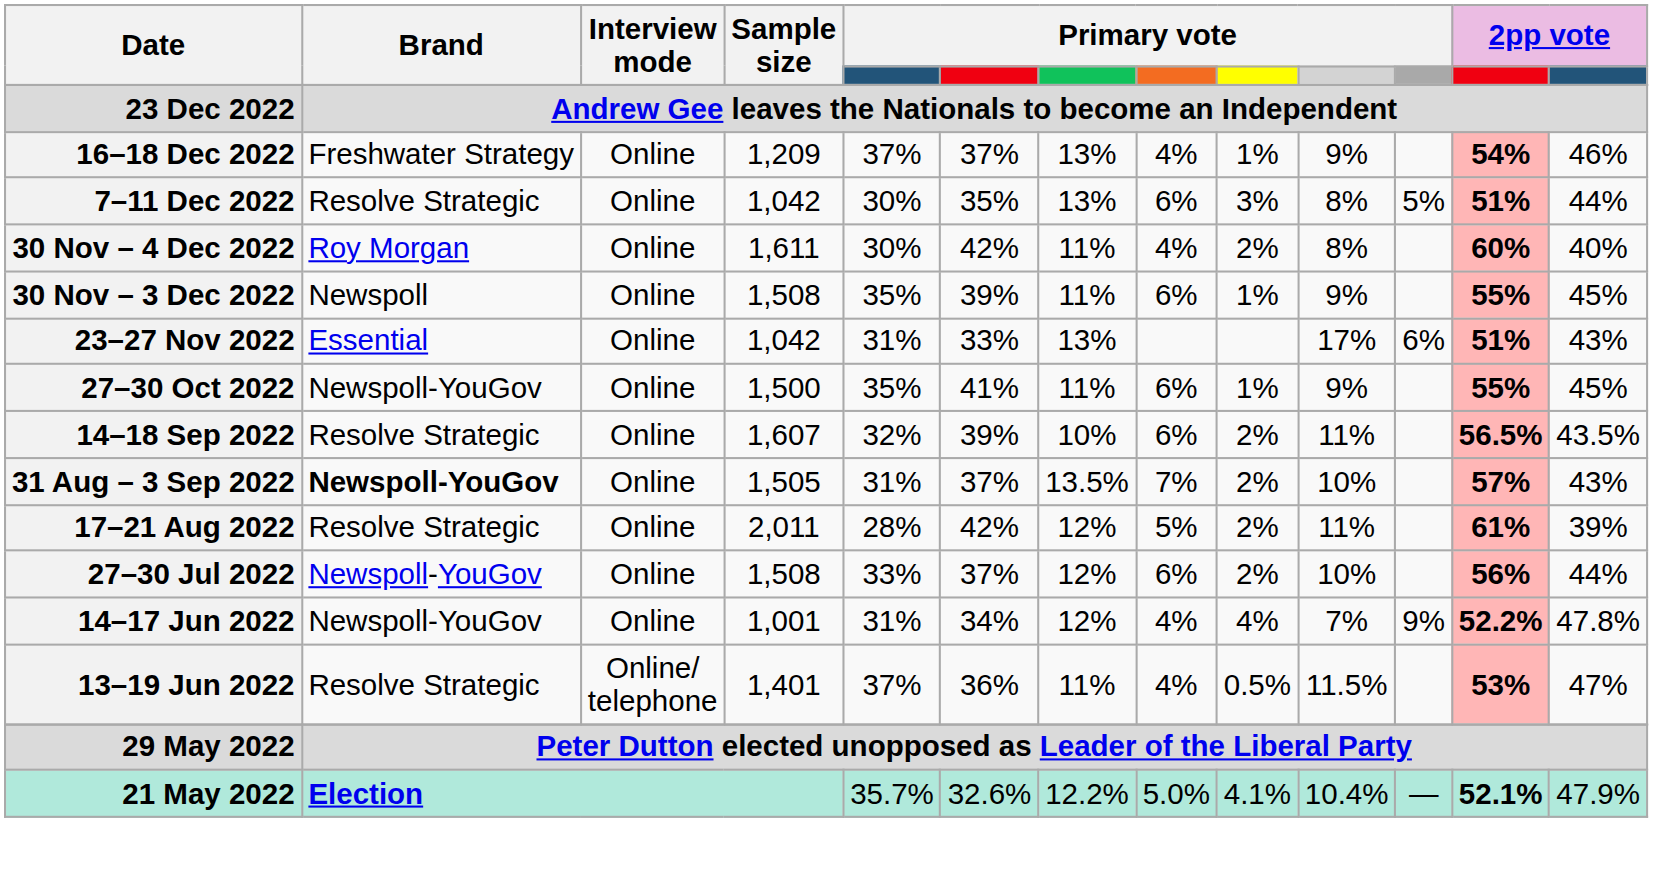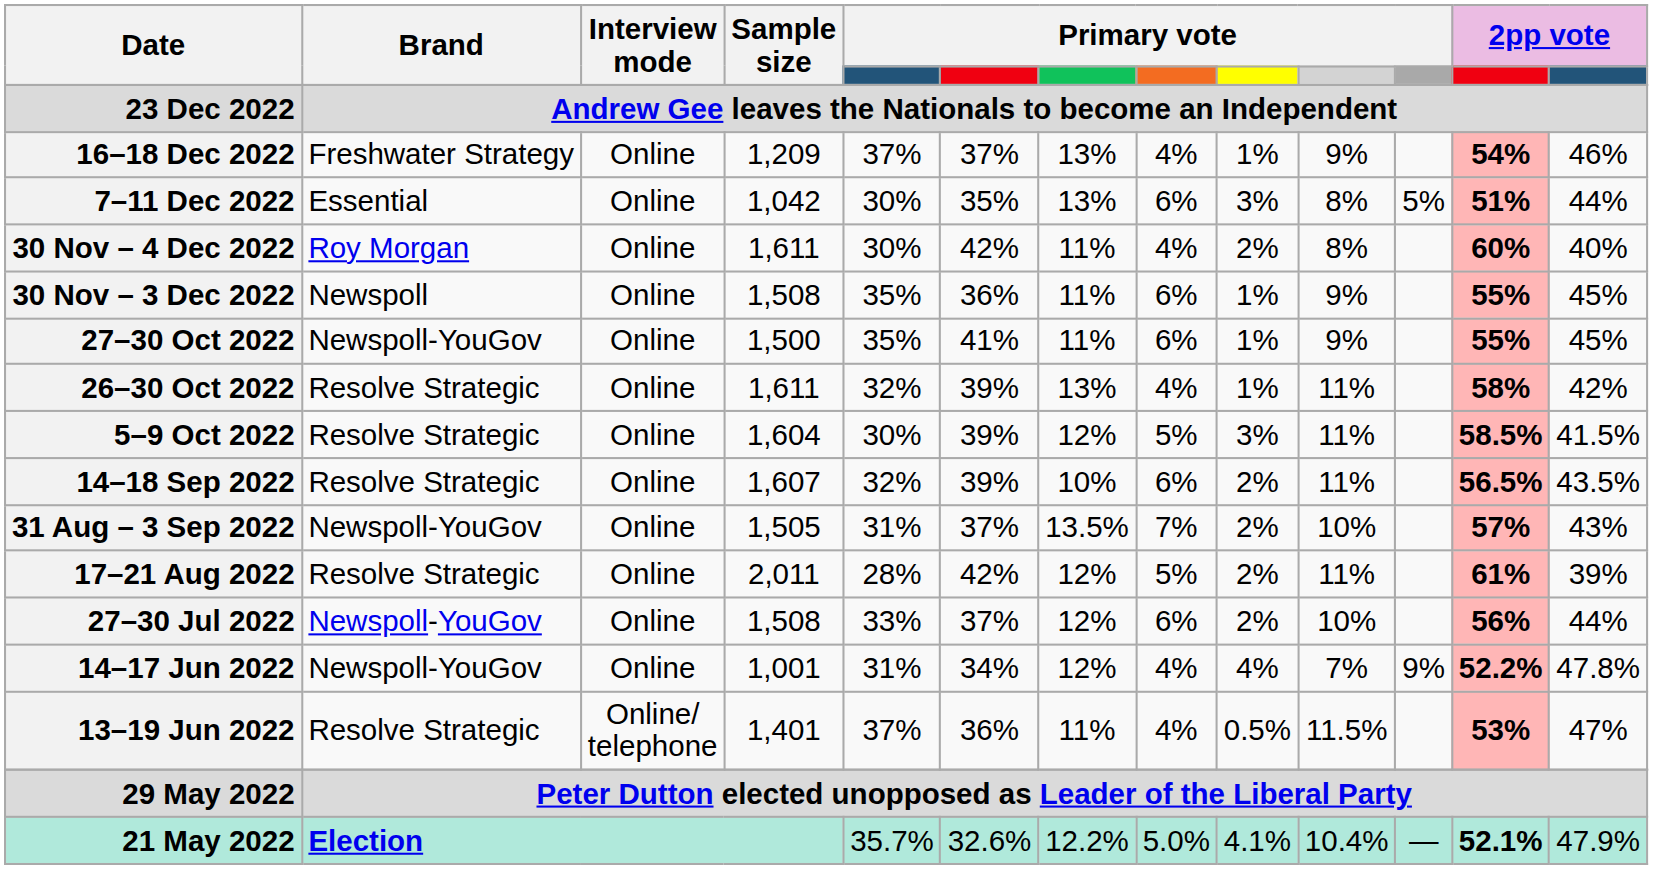 <table class="wikitable sortable mw-collapsible nowrap tpl-blanktable" style="text-align:center;font-size:90%">
 <tr>
 <th rowspan=2>Date</th>
 <th rowspan=2>Brand</th>
 <th rowspan=2 class=unsortable>Interview<br>mode</th>
 <th rowspan=2 class=unsortable>Sample<br>size</th>
 <th colspan="7">Primary vote</th>
 <th colspan=2 class=unsortable style=background:#ebbce3><a href='#'>2pp vote</a></th>
 </tr>
 <tr>
 <th class="unsortable" style=background:#225479></th>
 <th class="unsortable" style="background:#F00011"></th>
 <th class=unsortable style=background:#10C25B></th>
 <th class=unsortable style=background:#f36c21></th>
 <th class=unsortable style=background:yellow></th>
 <th class=unsortable style=background:lightgray></th>
 <th class=unsortable style=background:darkgrey></th>
 <th class="unsortable" style="background:#F00011"></th>
 <th class="unsortable" style=background:#225479></th>
 </tr>
 <tr>
 </tr>
 <tr style=background:#DADADA;font-weight:bold>
 <td style=text-align:right data-sort-value=1-April-2023>23 Dec 2022</td>
 <td colspan=12><a href='#'>Andrew Gee</a> leaves the Nationals to become an Independent</td>
 </tr>
 <tr>
 <th style=text-align:right>16–18 Dec 2022</th>
 <td style="text-align:left">Freshwater Strategy</td>
 <td>Online</td>
 <td>1,209</td>
 <td>37%</td>
 <td>37%</td>
 <td>13%</td>
 <td>4%</td>
 <td>1%</td>
 <td>9%</td>
 <td></td>
 <th style=background:#FFB6B6>54%</th>
 <td>46%</td>
 </tr>
 <tr>
 <th style=text-align:right>7–11 Dec 2022</th>
-<td style="text-align:left">Resolve Strategic</td>
+<td style="text-align:left">Essential</td>
 <td>Online</td>
 <td>1,042</td>
 <td>30%</td>
 <td>35%</td>
 <td>13%</td>
 <td>6%</td>
 <td>3%</td>
 <td>8%</td>
 <td>5%</td>
 <th style=background:#FFB6B6>51%</th>
 <td>44%</td>
 </tr>
 <tr>
 <th style=text-align:right>30 Nov – 4 Dec 2022</th>
 <td style="text-align:left;"><a href='#'>Roy Morgan</a></td>
 <td>Online</td>
 <td>1,611</td>
 <td>30%</td>
 <td>42%</td>
 <td>11%</td>
 <td>4%</td>
 <td>2%</td>
 <td>8%</td>
 <td></td>
 <th style=background:#FFB6B6>60%</th>
 <td>40%</td>
 </tr>
 <tr>
 <th style=text-align:right>30 Nov – 3 Dec 2022</th>
 <td style="text-align:left">Newspoll</td>
 <td>Online</td>
 <td>1,508</td>
 <td>35%</td>
-<td>39%</td>
+<td>36%</td>
 <td>11%</td>
 <td>6%</td>
 <td>1%</td>
 <td>9%</td>
 <td></td>
 <th style=background:#FFB6B6>55%</th>
 <td>45%</td>
-</tr>
-<tr>
-<th style=text-align:right>23–27 Nov 2022</th>
-<td style="text-align:left"><a href='#'>Essential</a></td>
-<td>Online</td>
-<td>1,042</td>
-<td>31%</td>
-<td>33%</td>
-<td>13%</td>
-<td></td>
-<td></td>
-<td>17%</td>
-<td>6%</td>
-<th style=background:#FFB6B6>51%</th>
-<td>43%</td>
 </tr>
 <tr>
 <th style=text-align:right>27–30 Oct 2022</th>
 <td style="text-align:left;">Newspoll-YouGov</td>
 <td>Online</td>
 <td>1,500</td>
 <td>35%</td>
 <td>41%</td>
 <td>11%</td>
 <td>6%</td>
 <td>1%</td>
 <td>9%</td>
 <td></td>
 <th style=background:#FFB6B6>55%</th>
 <td>45%</td>
+</tr>
+<tr>
+<th style=text-align:right>26–30 Oct 2022</th>
+<td style="text-align:left">Resolve Strategic</td>
+<td>Online</td>
+<td>1,611</td>
+<td>32%</td>
+<td>39%</td>
+<td>13%</td>
+<td>4%</td>
+<td>1%</td>
+<td>11%</td>
+<td></td>
+<th style=background:#FFB6B6>58%</th>
+<td>42%</td>
+</tr>
+<tr>
+<th style=text-align:right>5–9 Oct 2022</th>
+<td style="text-align:left;">Resolve Strategic</td>
+<td>Online</td>
+<td>1,604</td>
+<td>30%</td>
+<td>39%</td>
+<td>12%</td>
+<td>5%</td>
+<td>3%</td>
+<td>11%</td>
+<td></td>
+<th style=background:#FFB6B6>58.5%</th>
+<td>41.5%</td>
 </tr>
 <tr>
 <th style=text-align:right data-sort-value=03-September-2022>14–18 Sep 2022</th>
 <td style="text-align:left;">Resolve Strategic</td>
 <td>Online</td>
 <td>1,607</td>
 <td>32%</td>
 <td>39%</td>
 <td>10%</td>
 <td>6%</td>
 <td>2%</td>
 <td>11%</td>
 <td></td>
 <th style=background:#FFB6B6>56.5%</th>
 <td>43.5%</td>
 </tr>
 <tr>
 <th style=text-align:right data-sort-value=03-September-2022>31 Aug – 3 Sep 2022</th>
-<td style="text-align:left;"><strong>Newspoll-YouGov</strong></td>
+<td style="text-align:left;">Newspoll-YouGov</td>
 <td>Online</td>
 <td>1,505</td>
 <td>31%</td>
 <td>37%</td>
 <td>13.5%</td>
 <td>7%</td>
 <td>2%</td>
 <td>10%</td>
 <td></td>
 <th style=background:#FFB6B6>57%</th>
 <td>43%</td>
 </tr>
 <tr>
 <th style=text-align:right data-sort-value=22-August-2022>17–21 Aug 2022</th>
 <td style="text-align:left;">Resolve Strategic</td>
 <td>Online</td>
 <td>2,011</td>
 <td>28%</td>
 <td>42%</td>
 <td>12%</td>
 <td>5%</td>
 <td>2%</td>
 <td>11%</td>
 <td></td>
 <th style=background:#FFB6B6>61%</th>
 <td>39%</td>
 </tr>
 <tr>
 <th style=text-align:right data-sort-value=30-July-2022>27–30 Jul 2022</th>
 <td style="text-align:left;"><a href='#'>Newspoll</a>-<a href='#'>YouGov</a></td>
 <td>Online</td>
 <td>1,508</td>
 <td>33%</td>
 <td>37%</td>
 <td>12%</td>
 <td>6%</td>
 <td>2%</td>
 <td>10%</td>
 <td></td>
 <th style=background:#FFB6B6>56%</th>
 <td>44%</td>
 </tr>
 <tr>
 <th style=text-align:right data-sort-value=17-June-2022>14–17 Jun 2022</th>
 <td style="text-align:left;">Newspoll-YouGov</td>
 <td>Online</td>
 <td>1,001</td>
 <td>31%</td>
 <td>34%</td>
 <td>12%</td>
 <td>4%</td>
 <td>4%</td>
 <td>7%</td>
 <td>9%</td>
 <th style=background:#FFB6B6>52.2%</th>
 <td>47.8%</td>
 </tr>
 <tr>
 <th style=text-align:right data-sort-value=19-June-2022>13–19 Jun 2022</th>
 <td style="text-align:left">Resolve Strategic</td>
 <td>Online/<br>telephone</td>
 <td>1,401</td>
 <td>37%</td>
 <td>36%</td>
 <td>11%</td>
 <td>4%</td>
 <td>0.5%</td>
 <td>11.5%</td>
 <td></td>
 <th style=background:#FFB6B6>53%</th>
 <td>47%</td>
 </tr>
 <tr>
 </tr>
 <tr style=background:#DADADA;font-weight:bold>
 <td style=text-align:right data-sort-value=29-May-2022>29 May 2022</td>
 <td colspan=12><a href='#'>Peter Dutton</a> elected unopposed as <a href='#'>Leader of the Liberal Party</a></td>
 </tr>
 <tr style=background:#b0e9db>
 <td style=text-align:right data-sort-value=21-May-2022><strong>21 May 2022</strong></td>
 <td colspan=3 style=text-align:left><strong><a href='#'>Election</a></strong></td>
 <td>35.7%</td>
 <td>32.6%</td>
 <td>12.2%</td>
 <td>5.0%</td>
 <td>4.1%</td>
 <td>10.4%</td>
 <td>—</td>
 <td><strong>52.1%</strong></td>
 <td>47.9%</td>
 </tr>
 </table>
